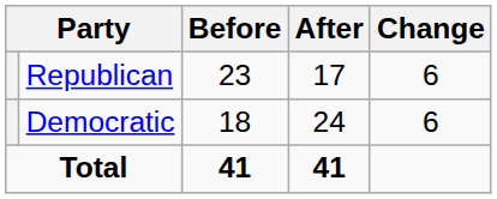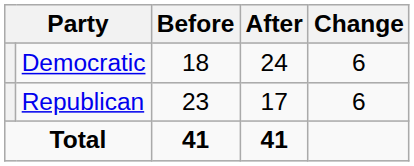 <table class="wikitable" style="text-align:center;">
 <tr>
 <th colspan="2">Party</th>
 <th>Before</th>
 <th>After</th>
 <th>Change</th>
 </tr>
 <tr>
 <th style="background-color:"></th>
-<td style="text-align:left;"><a href='#'>Republican</a></td>
-<td>23</td>
-<td>17</td>
+<td style="text-align:left;"><a href='#'>Democratic</a></td>
+<td>18</td>
+<td>24</td>
 <td> 6</td>
 </tr>
 <tr>
 <th style="background-color:"></th>
-<td style="text-align:left;"><a href='#'>Democratic</a></td>
-<td>18</td>
-<td>24</td>
+<td style="text-align:left;"><a href='#'>Republican</a></td>
+<td>23</td>
+<td>17</td>
 <td> 6</td>
 </tr>
 <tr>
 <td colspan="2"><strong>Total</strong></td>
 <td><strong>41</strong></td>
 <td><strong>41</strong></td>
 <td></td>
 </tr>
 </table>
